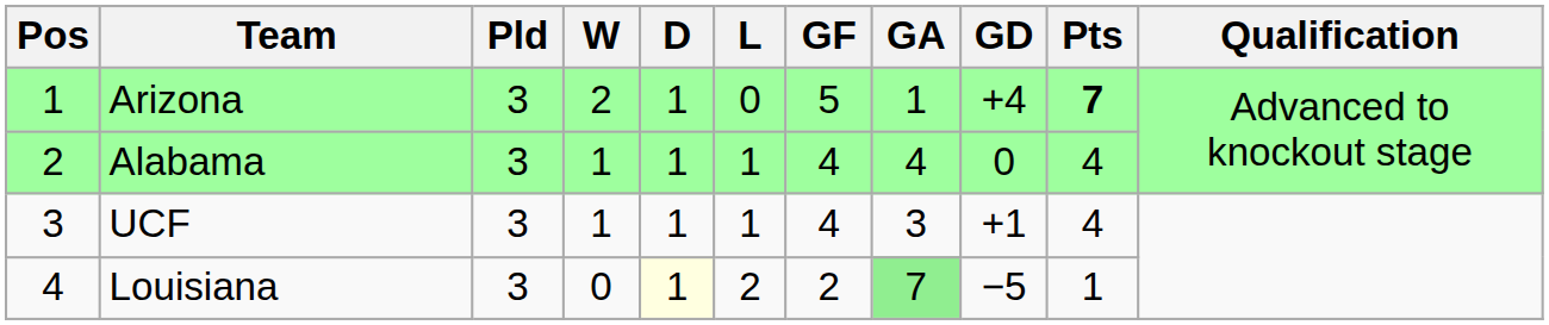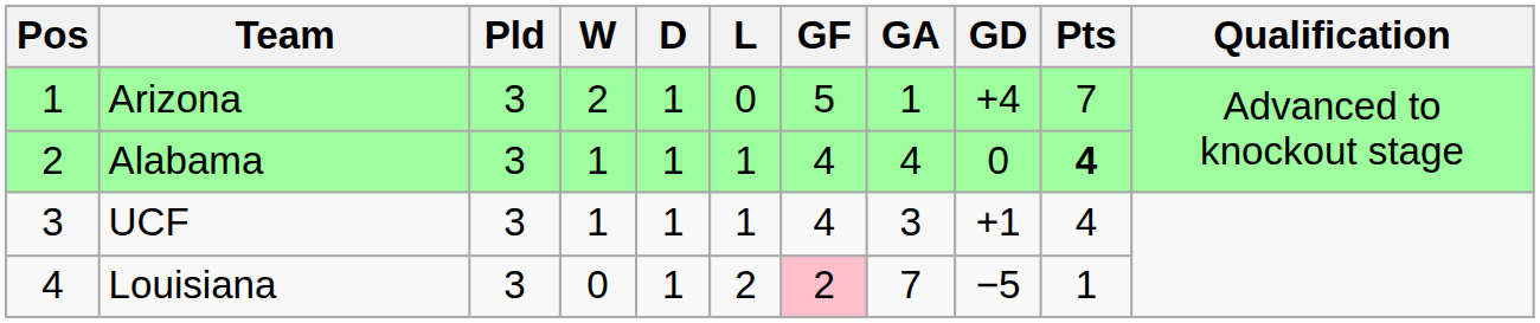 <table class="wikitable" style="text-align:center; margin: 1em auto">
 <tr>
 <th style="width:2em">Pos</th>
 <th style="width:13em">Team</th>
 <th style="width:2em">Pld</th>
 <th style="width:2em">W</th>
 <th style="width:2em">D</th>
 <th style="width:2em">L</th>
 <th style="width:2em">GF</th>
 <th style="width:2em">GA</th>
 <th style="width:2em">GD</th>
 <th style="width:2em">Pts</th>
 <th style="width:13em">Qualification</th>
 </tr>
 <tr bgcolor="#9eff9e">
 <td>1</td>
 <td style="text-align:left">Arizona</td>
 <td>3</td>
 <td>2</td>
 <td>1</td>
 <td>0</td>
 <td>5</td>
 <td>1</td>
 <td>+4</td>
-<td><strong>7</strong></td>
+<td>7</td>
 <td rowspan="2">Advanced to knockout stage</td>
 </tr>
 <tr bgcolor="#9eff9e">
 <td>2</td>
 <td style="text-align:left">Alabama</td>
 <td>3</td>
 <td>1</td>
 <td>1</td>
 <td>1</td>
 <td>4</td>
 <td>4</td>
 <td>0</td>
-<td>4</td>
+<td><strong>4</strong></td>
 </tr>
 <tr>
 <td>3</td>
 <td style="text-align:left">UCF</td>
 <td>3</td>
 <td>1</td>
 <td>1</td>
 <td>1</td>
 <td>4</td>
 <td>3</td>
 <td>+1</td>
 <td>4</td>
 <td rowspan="2"></td>
 </tr>
 <tr>
 <td>4</td>
 <td style="text-align:left">Louisiana</td>
 <td>3</td>
 <td>0</td>
-<td style="background: lightyellow;">1</td>
+<td>1</td>
 <td>2</td>
-<td>2</td>
-<td style="background: lightgreen;">7</td>
+<td style="background: pink;">2</td>
+<td>7</td>
 <td>−5</td>
 <td>1</td>
 </tr>
 </table>
